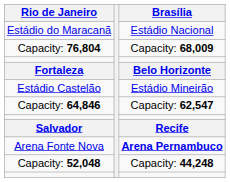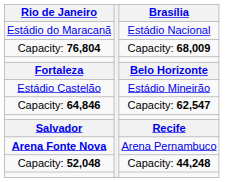 <table class="wikitable" style="text-align:center">
 <tr>
 <th><a href='#'>Rio de Janeiro</a></th>
 <th rowspan="12"></th>
 <th><a href='#'>Brasília</a></th>
 </tr>
 <tr>
 <td><a href='#'>Estádio do Maracanã</a></td>
 <td><a href='#'>Estádio Nacional</a></td>
 </tr>
 <tr>
 <td>Capacity: <strong>76,804</strong></td>
 <td>Capacity: <strong>68,009</strong></td>
 </tr>
 <tr>
 <td></td>
 <td></td>
 </tr>
 <tr>
 <th><a href='#'>Fortaleza</a></th>
 <th><a href='#'>Belo Horizonte</a></th>
 </tr>
 <tr>
 <td><a href='#'>Estádio Castelão</a></td>
 <td><a href='#'>Estádio Mineirão</a></td>
 </tr>
 <tr>
 <td>Capacity: <strong>64,846</strong></td>
 <td>Capacity: <strong>62,547</strong></td>
 </tr>
 <tr>
 <td></td>
 <td></td>
 </tr>
 <tr>
 <th><a href='#'>Salvador</a></th>
 <th><a href='#'>Recife</a></th>
 </tr>
 <tr>
-<td><a href='#'>Arena Fonte Nova</a></td>
-<td><strong><a href='#'>Arena Pernambuco</a></strong></td>
+<td><strong><a href='#'>Arena Fonte Nova</a></strong></td>
+<td><a href='#'>Arena Pernambuco</a></td>
 </tr>
 <tr>
 <td>Capacity: <strong>52,048</strong></td>
 <td>Capacity: <strong>44,248</strong></td>
 </tr>
 <tr>
 <td></td>
 <td></td>
 </tr>
 </table>
